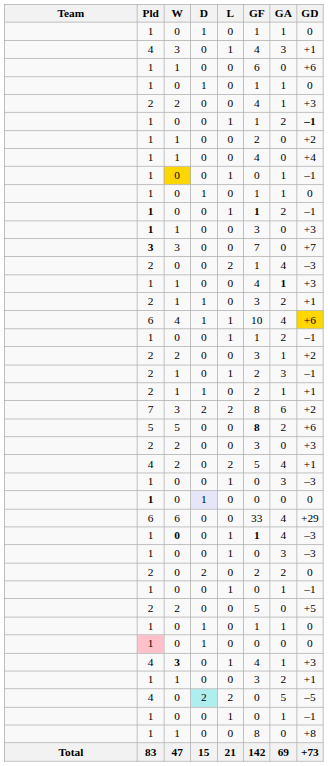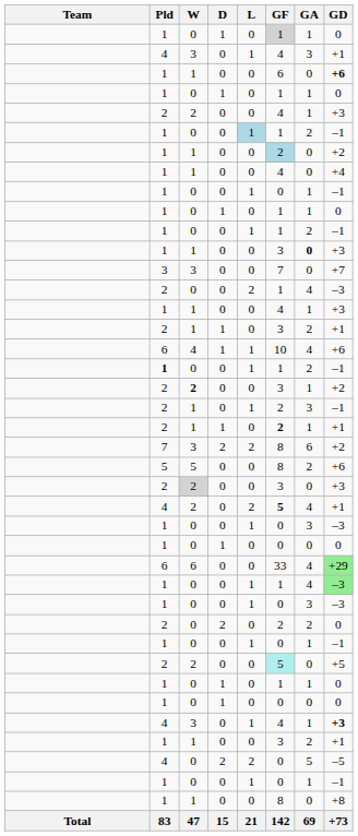 <table class="wikitable sortable" style="text-align: center;">
 <tr>
 <th width=180>Team</th>
 <th width=30>Pld</th>
 <th width=30>W</th>
 <th width=30>D</th>
 <th width=30>L</th>
 <th width=30>GF</th>
 <th width=30>GA</th>
 <th width=30>GD</th>
 </tr>
 <tr>
 <td align="left"></td>
 <td>1</td>
 <td>0</td>
 <td>1</td>
 <td>0</td>
-<td>1</td>
+<td style="background: lightgrey;">1</td>
 <td>1</td>
 <td>0</td>
 </tr>
 <tr>
 <td align="left"></td>
 <td>4</td>
 <td>3</td>
 <td>0</td>
 <td>1</td>
 <td>4</td>
 <td>3</td>
 <td>+1</td>
 </tr>
 <tr>
 <td align="left"></td>
 <td>1</td>
 <td>1</td>
 <td>0</td>
 <td>0</td>
 <td>6</td>
 <td>0</td>
-<td>+6</td>
+<td><strong>+6</strong></td>
 </tr>
 <tr>
 <td align="left"></td>
 <td>1</td>
 <td>0</td>
 <td>1</td>
 <td>0</td>
 <td>1</td>
 <td>1</td>
 <td>0</td>
 </tr>
 <tr>
 <td align="left"></td>
 <td>2</td>
 <td>2</td>
 <td>0</td>
 <td>0</td>
 <td>4</td>
 <td>1</td>
 <td>+3</td>
 </tr>
 <tr>
 <td align="left"></td>
 <td>1</td>
 <td>0</td>
 <td>0</td>
-<td>1</td>
+<td style="background: lightblue;">1</td>
 <td>1</td>
 <td>2</td>
-<td><strong>–1</strong></td>
+<td>–1</td>
 </tr>
 <tr>
 <td align="left"></td>
 <td>1</td>
 <td>1</td>
 <td>0</td>
 <td>0</td>
-<td>2</td>
+<td style="background: lightblue;">2</td>
 <td>0</td>
 <td>+2</td>
 </tr>
 <tr>
 <td align="left"></td>
 <td>1</td>
 <td>1</td>
 <td>0</td>
 <td>0</td>
 <td>4</td>
 <td>0</td>
 <td>+4</td>
 </tr>
 <tr>
 <td align="left"></td>
 <td>1</td>
-<td style="background: gold;">0</td>
+<td>0</td>
 <td>0</td>
 <td>1</td>
 <td>0</td>
 <td>1</td>
 <td>–1</td>
 </tr>
 <tr>
 <td align="left"></td>
 <td>1</td>
 <td>0</td>
 <td>1</td>
 <td>0</td>
 <td>1</td>
 <td>1</td>
 <td>0</td>
 </tr>
 <tr>
 <td align="left"></td>
-<td><strong>1</strong></td>
+<td>1</td>
 <td>0</td>
 <td>0</td>
 <td>1</td>
-<td><strong>1</strong></td>
+<td>1</td>
 <td>2</td>
 <td>–1</td>
 </tr>
 <tr>
 <td align="left"></td>
-<td><strong>1</strong></td>
+<td>1</td>
 <td>1</td>
 <td>0</td>
 <td>0</td>
 <td>3</td>
-<td>0</td>
+<td><strong>0</strong></td>
 <td>+3</td>
 </tr>
 <tr>
 <td align="left"></td>
-<td><strong>3</strong></td>
+<td>3</td>
 <td>3</td>
 <td>0</td>
 <td>0</td>
 <td>7</td>
 <td>0</td>
 <td>+7</td>
 </tr>
 <tr>
 <td align="left"></td>
 <td>2</td>
 <td>0</td>
 <td>0</td>
 <td>2</td>
 <td>1</td>
 <td>4</td>
 <td>–3</td>
 </tr>
 <tr>
 <td align="left"></td>
 <td>1</td>
 <td>1</td>
 <td>0</td>
 <td>0</td>
 <td>4</td>
-<td><strong>1</strong></td>
+<td>1</td>
 <td>+3</td>
 </tr>
 <tr>
 <td align="left"></td>
 <td>2</td>
 <td>1</td>
 <td>1</td>
 <td>0</td>
 <td>3</td>
 <td>2</td>
 <td>+1</td>
 </tr>
 <tr>
 <td align="left"></td>
 <td>6</td>
 <td>4</td>
 <td>1</td>
 <td>1</td>
 <td>10</td>
 <td>4</td>
-<td style="background: gold;">+6</td>
+<td>+6</td>
 </tr>
 <tr>
 <td align="left"></td>
-<td>1</td>
+<td><strong>1</strong></td>
 <td>0</td>
 <td>0</td>
 <td>1</td>
 <td>1</td>
 <td>2</td>
 <td>–1</td>
 </tr>
 <tr>
 <td align="left"></td>
 <td>2</td>
-<td>2</td>
+<td><strong>2</strong></td>
 <td>0</td>
 <td>0</td>
 <td>3</td>
 <td>1</td>
 <td>+2</td>
 </tr>
 <tr>
 <td align="left"></td>
 <td>2</td>
 <td>1</td>
 <td>0</td>
 <td>1</td>
 <td>2</td>
 <td>3</td>
 <td>–1</td>
 </tr>
 <tr>
 <td align="left"></td>
 <td>2</td>
 <td>1</td>
 <td>1</td>
 <td>0</td>
-<td>2</td>
+<td><strong>2</strong></td>
 <td>1</td>
 <td>+1</td>
 </tr>
 <tr>
 <td align="left"></td>
 <td>7</td>
 <td>3</td>
 <td>2</td>
 <td>2</td>
 <td>8</td>
 <td>6</td>
 <td>+2</td>
 </tr>
 <tr>
 <td align="left"></td>
 <td>5</td>
 <td>5</td>
 <td>0</td>
 <td>0</td>
-<td><strong>8</strong></td>
+<td>8</td>
 <td>2</td>
 <td>+6</td>
 </tr>
 <tr>
 <td align="left"></td>
 <td>2</td>
-<td>2</td>
+<td style="background: lightgrey;">2</td>
 <td>0</td>
 <td>0</td>
 <td>3</td>
 <td>0</td>
 <td>+3</td>
 </tr>
 <tr>
 <td align="left"></td>
 <td>4</td>
 <td>2</td>
 <td>0</td>
 <td>2</td>
-<td>5</td>
+<td><strong>5</strong></td>
 <td>4</td>
 <td>+1</td>
 </tr>
 <tr>
 <td align="left"></td>
 <td>1</td>
 <td>0</td>
 <td>0</td>
 <td>1</td>
 <td>0</td>
 <td>3</td>
 <td>–3</td>
 </tr>
 <tr>
 <td align="left"></td>
-<td><strong>1</strong></td>
+<td>1</td>
 <td>0</td>
-<td style="background: lavender;">1</td>
+<td>1</td>
 <td>0</td>
 <td>0</td>
 <td>0</td>
 <td>0</td>
 </tr>
 <tr>
 <td align="left"></td>
 <td>6</td>
 <td>6</td>
 <td>0</td>
 <td>0</td>
 <td>33</td>
 <td>4</td>
-<td>+29</td>
+<td style="background: lightgreen;">+29</td>
 </tr>
 <tr>
 <td align="left"></td>
 <td>1</td>
-<td><strong>0</strong></td>
+<td>0</td>
 <td>0</td>
 <td>1</td>
-<td><strong>1</strong></td>
+<td>1</td>
 <td>4</td>
-<td>–3</td>
+<td style="background: lightgreen;">–3</td>
 </tr>
 <tr>
 <td align="left"></td>
 <td>1</td>
 <td>0</td>
 <td>0</td>
 <td>1</td>
 <td>0</td>
 <td>3</td>
 <td>–3</td>
 </tr>
 <tr>
 <td align="left"></td>
 <td>2</td>
 <td>0</td>
 <td>2</td>
 <td>0</td>
 <td>2</td>
 <td>2</td>
 <td>0</td>
 </tr>
 <tr>
 <td align="left"></td>
 <td>1</td>
 <td>0</td>
 <td>0</td>
 <td>1</td>
 <td>0</td>
 <td>1</td>
 <td>–1</td>
 </tr>
 <tr>
 <td align="left"></td>
 <td>2</td>
 <td>2</td>
 <td>0</td>
 <td>0</td>
-<td>5</td>
+<td style="background: paleturquoise;">5</td>
 <td>0</td>
 <td>+5</td>
 </tr>
 <tr>
 <td align="left"></td>
 <td>1</td>
 <td>0</td>
 <td>1</td>
 <td>0</td>
 <td>1</td>
 <td>1</td>
 <td>0</td>
 </tr>
 <tr>
 <td align="left"></td>
-<td style="background: pink;">1</td>
+<td>1</td>
 <td>0</td>
 <td>1</td>
 <td>0</td>
 <td>0</td>
 <td>0</td>
 <td>0</td>
 </tr>
 <tr>
 <td align="left"></td>
 <td>4</td>
-<td><strong>3</strong></td>
+<td>3</td>
 <td>0</td>
 <td>1</td>
 <td>4</td>
 <td>1</td>
-<td>+3</td>
+<td><strong>+3</strong></td>
 </tr>
 <tr>
 <td align="left"></td>
 <td>1</td>
 <td>1</td>
 <td>0</td>
 <td>0</td>
 <td>3</td>
 <td>2</td>
 <td>+1</td>
 </tr>
 <tr>
 <td align="left"></td>
 <td>4</td>
 <td>0</td>
-<td style="background: paleturquoise;">2</td>
+<td>2</td>
 <td>2</td>
 <td>0</td>
 <td>5</td>
 <td>–5</td>
 </tr>
 <tr>
 <td align="left"></td>
 <td>1</td>
 <td>0</td>
 <td>0</td>
 <td>1</td>
 <td>0</td>
 <td>1</td>
 <td>–1</td>
 </tr>
 <tr>
 <td align="left"></td>
 <td>1</td>
 <td>1</td>
 <td>0</td>
 <td>0</td>
 <td>8</td>
 <td>0</td>
 <td>+8</td>
 </tr>
 <tr>
 <th>Total</th>
 <th>83</th>
 <th>47</th>
 <th>15</th>
 <th>21</th>
 <th>142</th>
 <th>69</th>
 <th>+73</th>
 </tr>
 </table>
